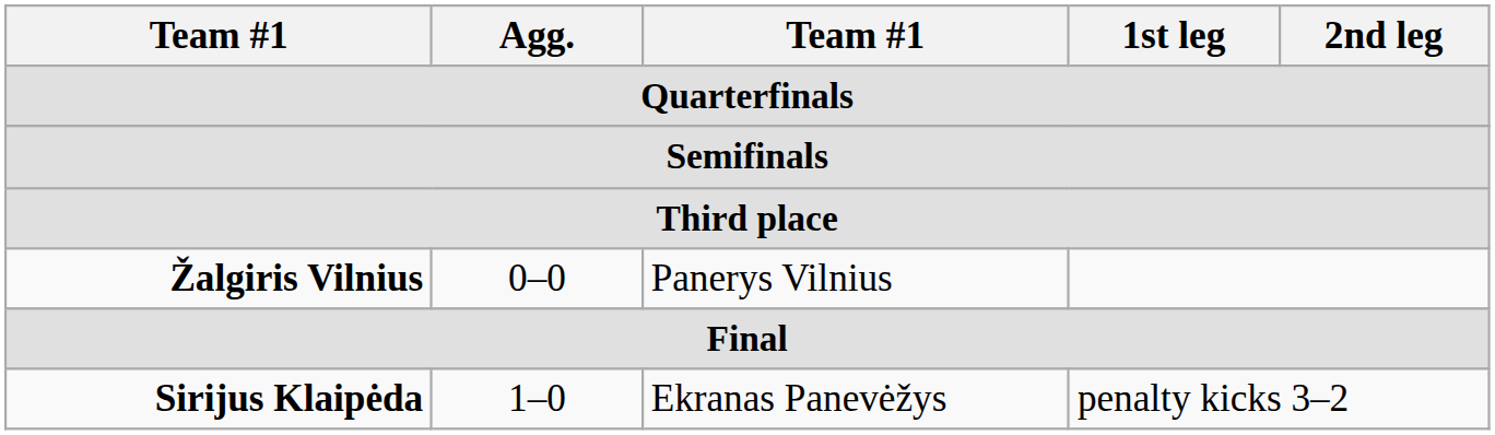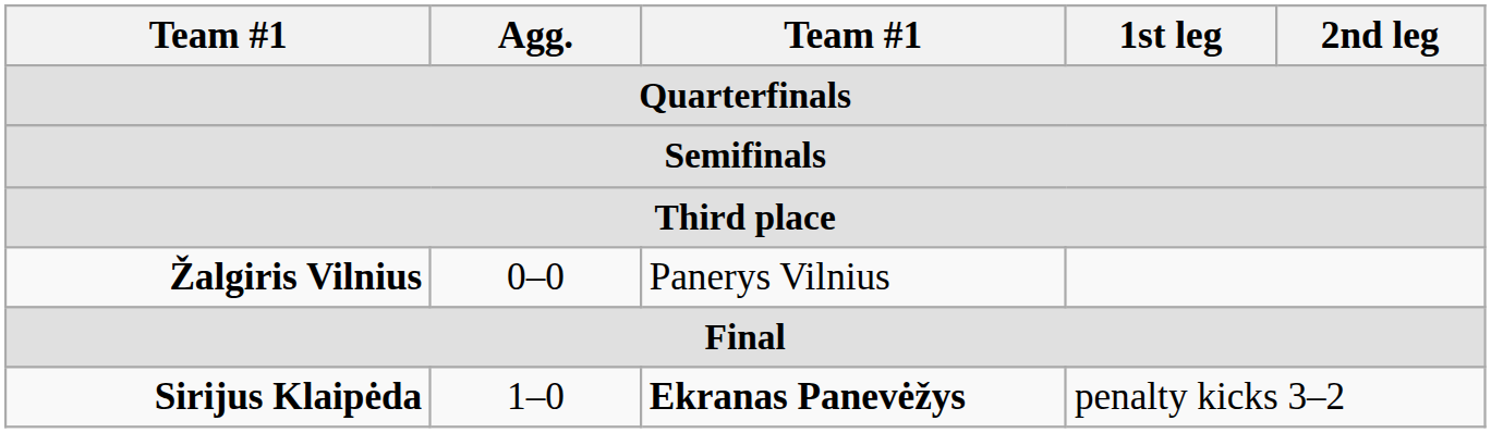 <table class="wikitable">
 <tr>
 <th width="170">Team #1</th>
 <th width="80">Agg.</th>
 <th width="170">Team #1</th>
 <th width="80">1st leg</th>
 <th width="80">2nd leg</th>
 </tr>
 <tr style="background:#E0E0E0; font-size:95%">
 <td colspan="5" style="text-align:center"><strong>Quarterfinals</strong></td>
 </tr>
 <tr>
 </tr>
 <tr style="background:#E0E0E0; font-size:95%">
 <td colspan="6" style="text-align:center"><strong>Semifinals</strong><br> </td>
 </tr>
 <tr style="background:#E0E0E0; font-size:95%">
 <td colspan="6" style="text-align:center"><strong>Third place</strong></td>
 </tr>
 <tr>
 <td style="text-align:right"><strong>Žalgiris Vilnius</strong></td>
 <td style="text-align:center">0–0</td>
 <td>Panerys Vilnius</td>
 <td colspan="2"></td>
 </tr>
 <tr style="background:#E0E0E0; font-size:95%">
 <td colspan="6" style="text-align:center"><strong>Final</strong></td>
 </tr>
 <tr>
 <td style="text-align:right"><strong>Sirijus Klaipėda</strong></td>
 <td style="text-align:center">1–0</td>
-<td>Ekranas Panevėžys</td>
+<td><strong>Ekranas Panevėžys</strong></td>
 <td colspan="2">penalty kicks 3–2</td>
 </tr>
 </table>
